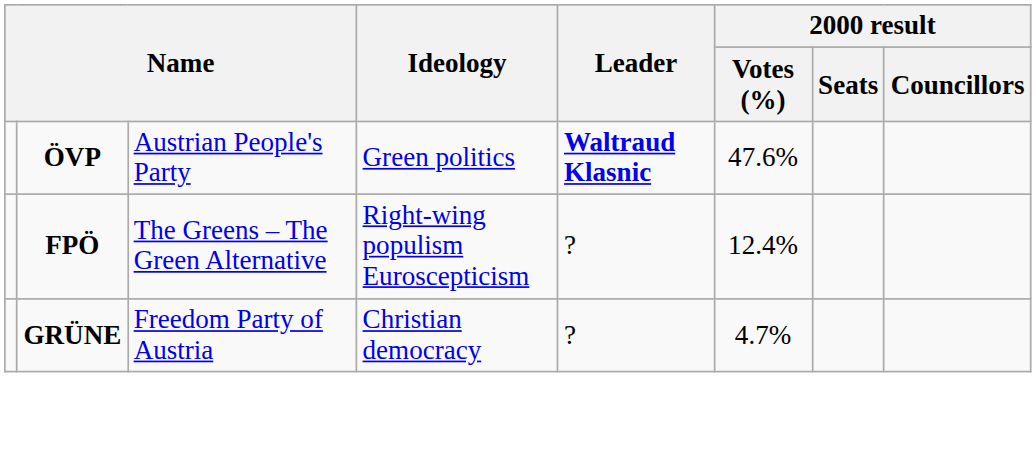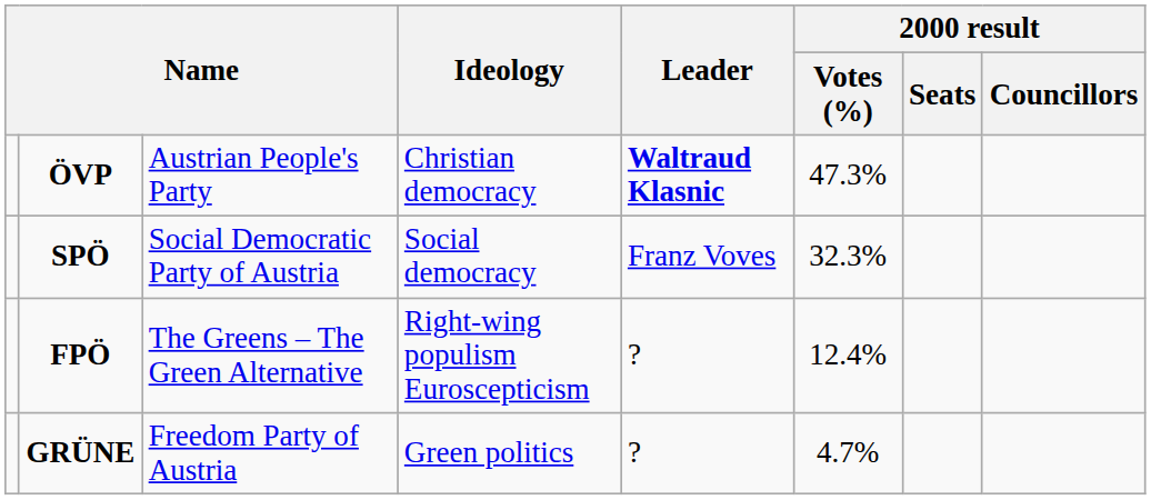 <table class="wikitable">
 <tr>
 <th rowspan="2" colspan="3">Name</th>
 <th rowspan="2">Ideology</th>
 <th rowspan="2">Leader</th>
 <th colspan="3">2000 result</th>
 </tr>
 <tr>
 <th>Votes (%)</th>
 <th>Seats</th>
 <th>Councillors</th>
 </tr>
 <tr>
 <td style="background:"></td>
 <td style="text-align:center;"><strong>ÖVP</strong></td>
 <td><a href='#'>Austrian People's Party</a><br></td>
-<td><a href='#'>Green politics</a></td>
+<td><a href='#'>Christian democracy</a></td>
 <td><strong><a href='#'>Waltraud Klasnic</a></strong></td>
-<td style="text-align:center;">47.6%</td>
+<td style="text-align:center;">47.3%</td>
+<td></td>
+<td></td>
+</tr>
+<tr>
+<td style="background:"></td>
+<td style="text-align:center;"><strong>SPÖ</strong></td>
+<td><a href='#'>Social Democratic Party of Austria</a><br></td>
+<td><a href='#'>Social democracy</a></td>
+<td><a href='#'>Franz Voves</a></td>
+<td style="text-align:center;">32.3%</td>
 <td></td>
 <td></td>
 </tr>
 <tr>
 <td style="background:"></td>
 <td style="text-align:center;"><strong>FPÖ</strong></td>
 <td><a href='#'>The Greens – The Green Alternative</a><br></td>
 <td><a href='#'>Right-wing populism</a><br><a href='#'>Euroscepticism</a></td>
 <td>?</td>
 <td style="text-align:center;">12.4%</td>
 <td></td>
 <td></td>
 </tr>
 <tr>
 <td style="background:"></td>
 <td style="text-align:center;"><strong>GRÜNE</strong></td>
 <td><a href='#'>Freedom Party of Austria</a><br></td>
-<td><a href='#'>Christian democracy</a></td>
+<td><a href='#'>Green politics</a></td>
 <td>?</td>
 <td style="text-align:center;">4.7%</td>
 <td></td>
 </tr>
 </table>
